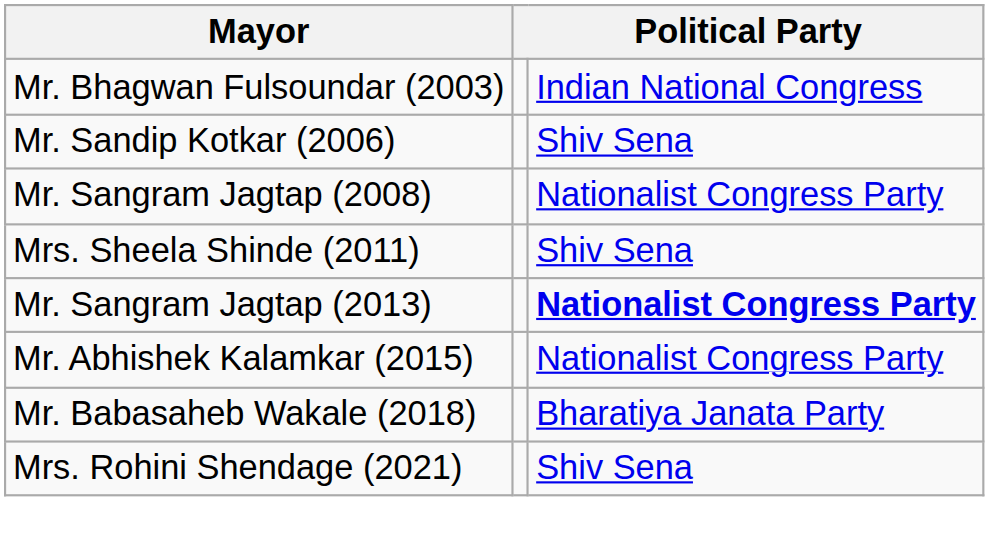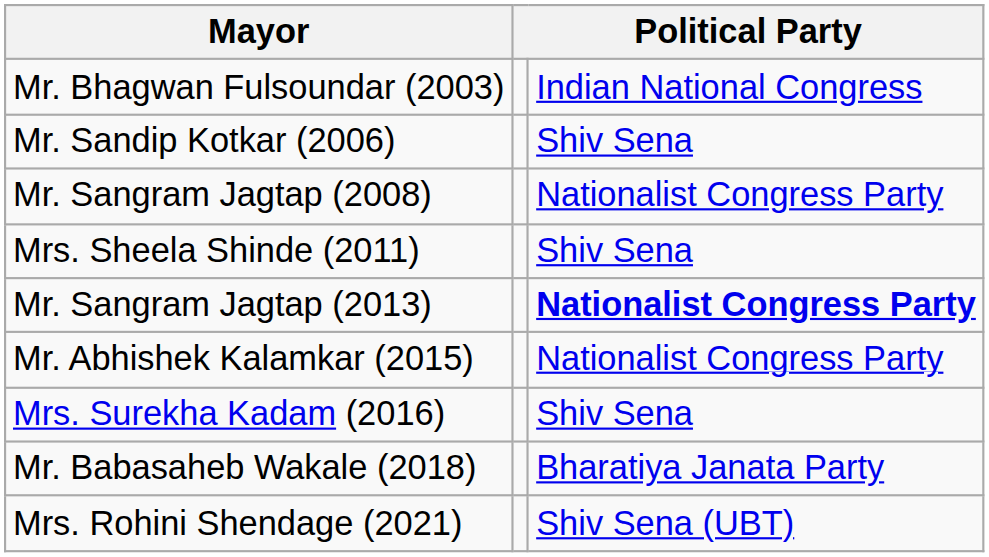 <table class="wikitable">
 <tr>
 <th>Mayor</th>
 <th colspan="2">Political Party</th>
 </tr>
 <tr>
 <td>Mr. Bhagwan Fulsoundar (2003)</td>
 <td style="background-color: "></td>
 <td><a href='#'>Indian National Congress</a></td>
 </tr>
 <tr>
 <td>Mr. Sandip Kotkar (2006)</td>
 <td style="background-color: "></td>
 <td><a href='#'>Shiv Sena</a></td>
 </tr>
 <tr>
 <td>Mr. Sangram Jagtap (2008)</td>
 <td style="background-color: "></td>
 <td><a href='#'>Nationalist Congress Party</a></td>
 </tr>
 <tr>
 <td>Mrs. Sheela Shinde (2011)</td>
 <td style="background-color: "></td>
 <td><a href='#'>Shiv Sena</a></td>
 </tr>
 <tr>
 <td>Mr. Sangram Jagtap (2013)</td>
 <td style="background-color: "></td>
 <td><strong><a href='#'>Nationalist Congress Party</a></strong></td>
 </tr>
 <tr>
 <td>Mr. Abhishek Kalamkar (2015)</td>
 <td style="background-color: "></td>
 <td><a href='#'>Nationalist Congress Party</a></td>
 </tr>
 <tr>
+<td><a href='#'>Mrs. Surekha Kadam</a> (2016)</td>
+<td style="background-color: "></td>
+<td><a href='#'>Shiv Sena</a></td>
+</tr>
+<tr>
 <td>Mr. Babasaheb Wakale (2018)</td>
 <td style="background-color:"></td>
 <td><a href='#'>Bharatiya Janata Party</a></td>
 </tr>
 <tr>
 <td>Mrs. Rohini Shendage (2021)</td>
 <td style="background-color: "></td>
-<td><a href='#'>Shiv Sena</a></td>
+<td><a href='#'>Shiv Sena (UBT)</a></td>
 </tr>
 </table>
